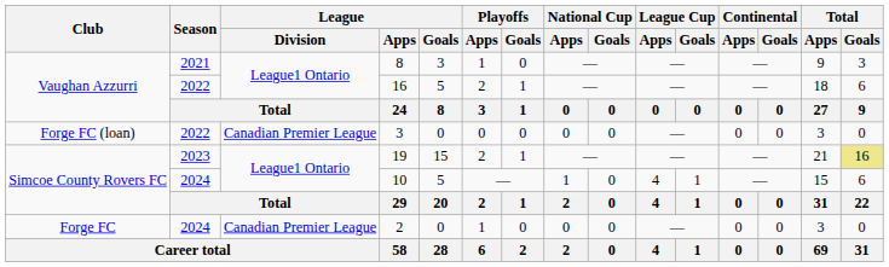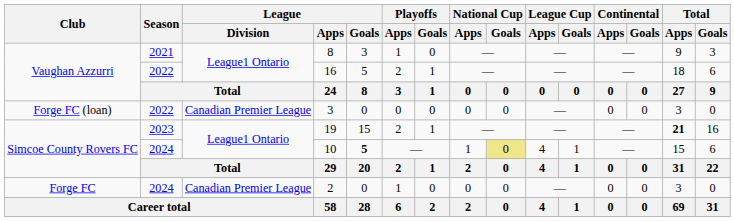 <table class="wikitable" style="text-align: center">
 <tr>
 <th rowspan="2">Club</th>
 <th rowspan="2">Season</th>
 <th colspan="3">League</th>
 <th colspan="2">Playoffs</th>
 <th colspan="2">National Cup</th>
 <th colspan="2">League Cup</th>
 <th colspan="2">Continental</th>
 <th colspan="2">Total</th>
 </tr>
 <tr>
 <th>Division</th>
 <th>Apps</th>
 <th>Goals</th>
 <th>Apps</th>
 <th>Goals</th>
 <th>Apps</th>
 <th>Goals</th>
 <th>Apps</th>
 <th>Goals</th>
 <th>Apps</th>
 <th>Goals</th>
 <th>Apps</th>
 <th>Goals</th>
 </tr>
 <tr>
 <td rowspan=3><a href='#'>Vaughan Azzurri</a></td>
 <td><a href='#'>2021</a></td>
 <td rowspan=2><a href='#'>League1 Ontario</a></td>
 <td>8</td>
 <td>3</td>
 <td>1</td>
 <td>0</td>
 <td colspan=2>—</td>
 <td colspan="2">—</td>
 <td colspan="2">—</td>
 <td>9</td>
 <td>3</td>
 </tr>
 <tr>
 <td><a href='#'>2022</a></td>
 <td>16</td>
 <td>5</td>
 <td>2</td>
 <td>1</td>
 <td colspan="2">—</td>
 <td colspan="2">—</td>
 <td colspan="2">—</td>
 <td>18</td>
 <td>6</td>
 </tr>
 <tr>
 <th colspan="2"><strong>Total</strong></th>
 <th>24</th>
 <th>8</th>
 <th>3</th>
 <th>1</th>
 <th>0</th>
 <th>0</th>
 <th>0</th>
 <th>0</th>
 <th>0</th>
 <th>0</th>
 <th>27</th>
 <th>9</th>
 </tr>
 <tr>
 <td><a href='#'>Forge FC</a> (loan)</td>
 <td><a href='#'>2022</a></td>
 <td><a href='#'>Canadian Premier League</a></td>
 <td>3</td>
 <td>0</td>
 <td>0</td>
 <td>0</td>
 <td>0</td>
 <td>0</td>
 <td colspan="2">—</td>
 <td>0</td>
 <td>0</td>
 <td>3</td>
 <td>0</td>
 </tr>
 <tr>
 <td rowspan=3><a href='#'>Simcoe County Rovers FC</a></td>
 <td><a href='#'>2023</a></td>
 <td rowspan=2><a href='#'>League1 Ontario</a></td>
 <td>19</td>
 <td>15</td>
 <td>2</td>
 <td>1</td>
 <td colspan="2">—</td>
 <td colspan="2">—</td>
 <td colspan="2">—</td>
-<td>21</td>
-<td style="background: khaki;">16</td>
+<td><strong>21</strong></td>
+<td>16</td>
 </tr>
 <tr>
 <td><a href='#'>2024</a></td>
 <td>10</td>
-<td>5</td>
+<td><strong>5</strong></td>
 <td colspan="2">—</td>
 <td>1</td>
-<td>0</td>
+<td style="background: khaki;">0</td>
 <td>4</td>
 <td>1</td>
 <td colspan="2">—</td>
 <td>15</td>
 <td>6</td>
 </tr>
 <tr>
 <th colspan="2"><strong>Total</strong></th>
 <th>29</th>
 <th>20</th>
 <th>2</th>
 <th>1</th>
 <th>2</th>
 <th>0</th>
 <th>4</th>
 <th>1</th>
 <th>0</th>
 <th>0</th>
 <th>31</th>
 <th>22</th>
 </tr>
 <tr>
 <td><a href='#'>Forge FC</a></td>
 <td><a href='#'>2024</a></td>
 <td><a href='#'>Canadian Premier League</a></td>
 <td>2</td>
 <td>0</td>
 <td>1</td>
 <td>0</td>
 <td>0</td>
 <td>0</td>
 <td colspan="2">—</td>
 <td>0</td>
 <td>0</td>
 <td>3</td>
 <td>0</td>
 </tr>
 <tr>
 <th colspan="3"><strong>Career total</strong></th>
 <th>58</th>
 <th>28</th>
 <th>6</th>
 <th>2</th>
 <th>2</th>
 <th>0</th>
 <th>4</th>
 <th>1</th>
 <th>0</th>
 <th>0</th>
 <th>69</th>
 <th>31</th>
 </tr>
 </table>
